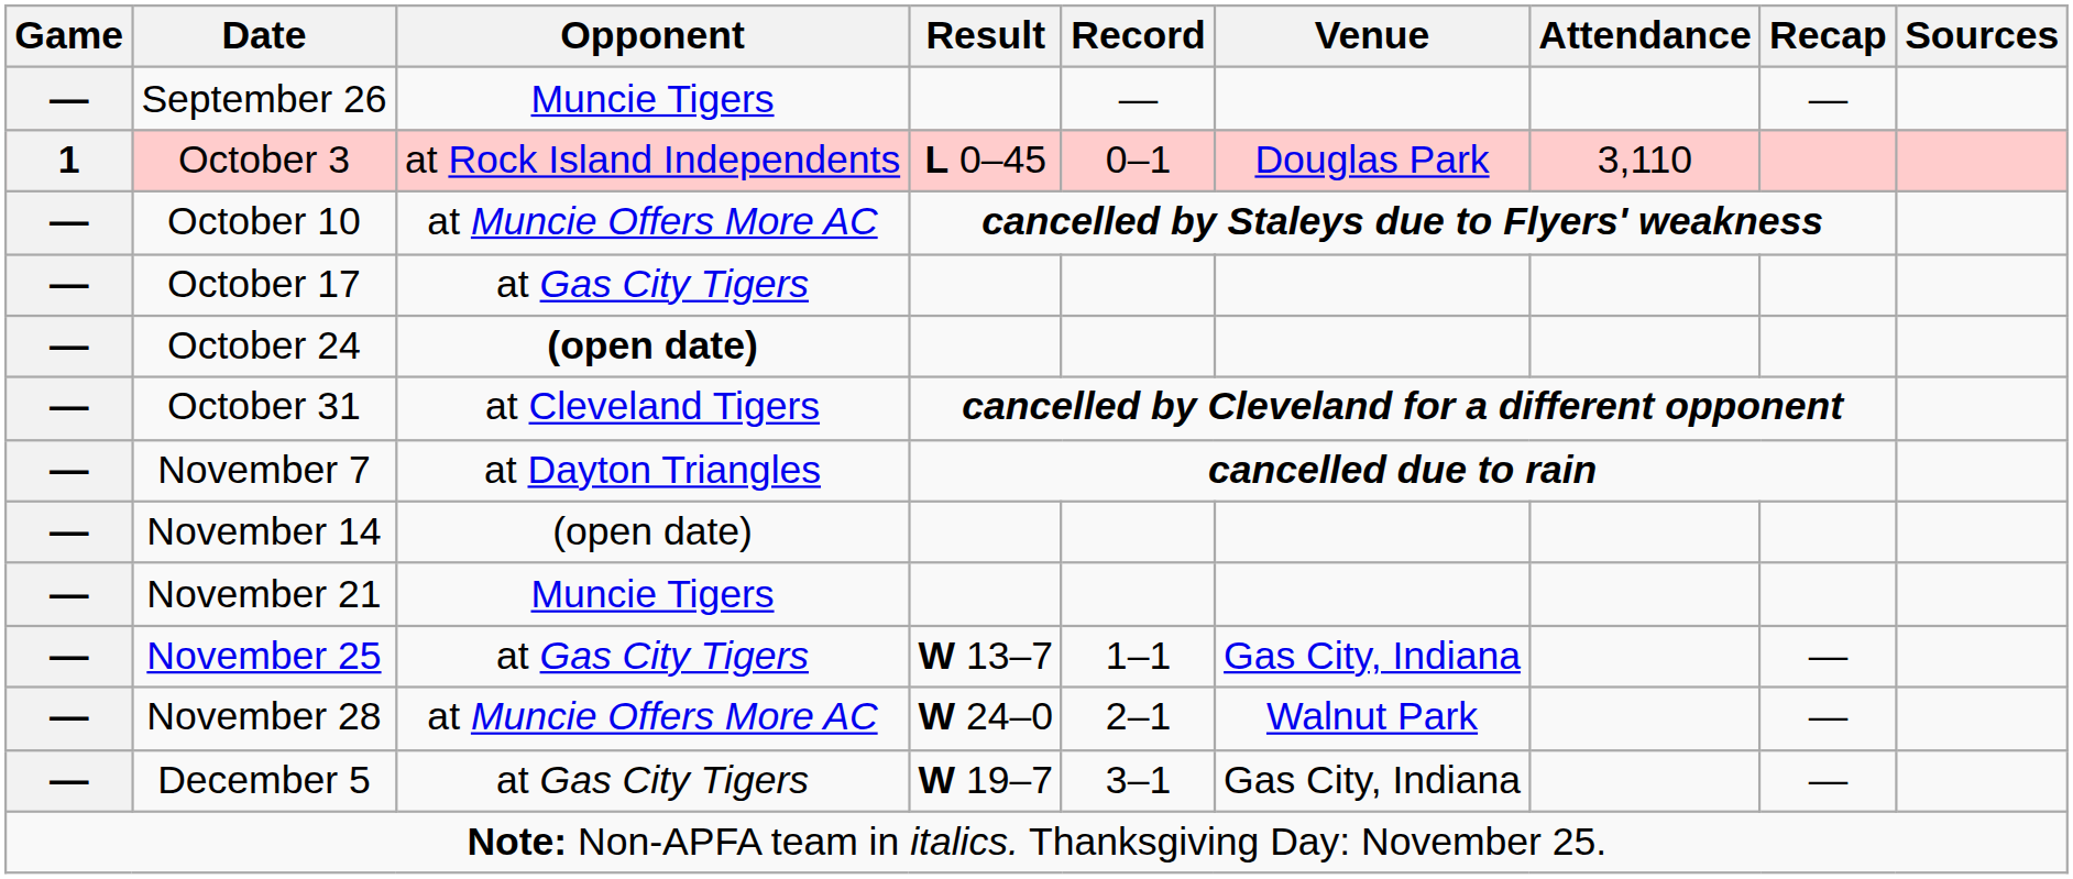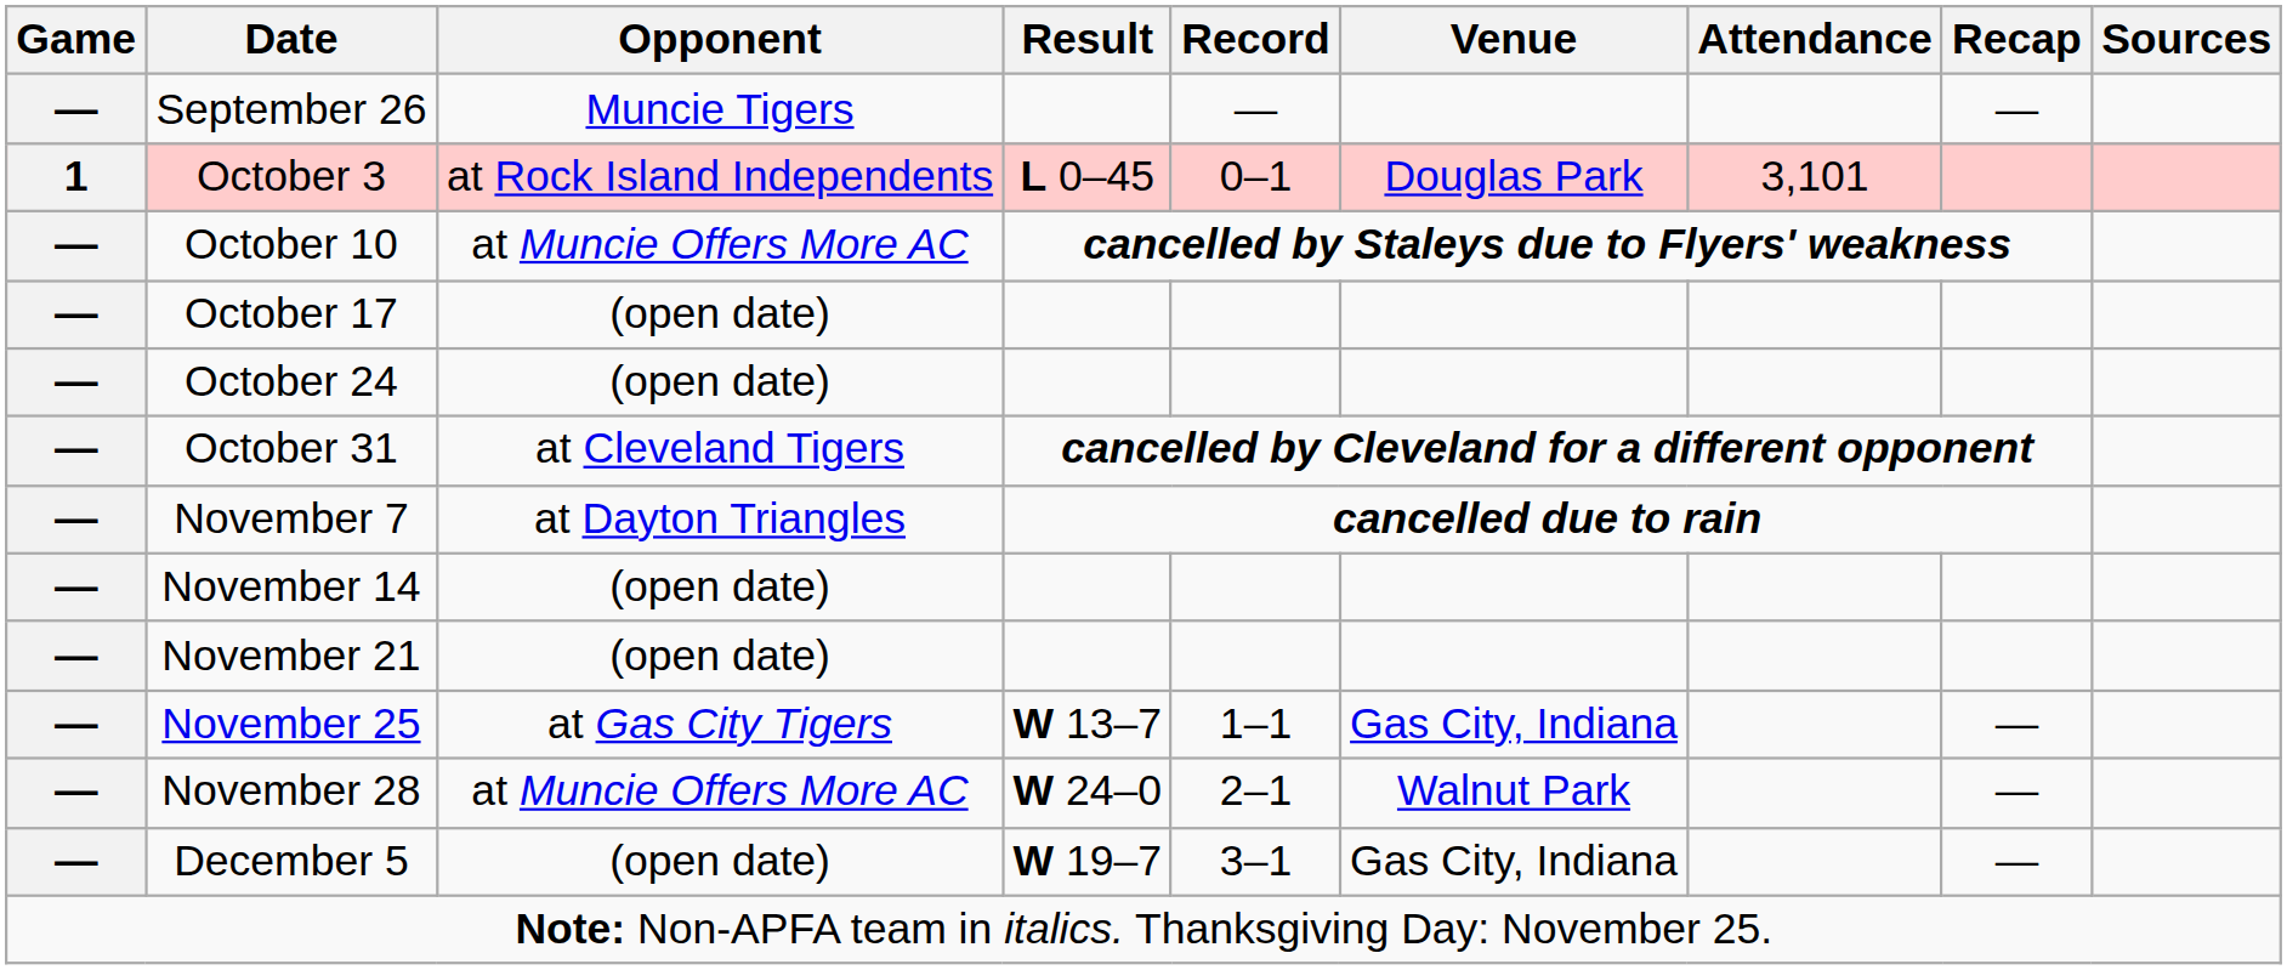 <table class="wikitable" style="text-align:center">
 <tr>
 <th>Game</th>
 <th>Date</th>
 <th>Opponent</th>
 <th>Result</th>
 <th>Record</th>
 <th>Venue</th>
 <th>Attendance</th>
 <th>Recap</th>
 <th>Sources</th>
 </tr>
 <tr>
 <th>—</th>
 <td>September 26</td>
 <td><a href='#'>Muncie Tigers</a></td>
 <td></td>
 <td>—</td>
 <td></td>
 <td></td>
 <td>—</td>
 <td></td>
 </tr>
 <tr style="background:#fcc">
 <th>1</th>
 <td>October 3</td>
 <td>at <a href='#'>Rock Island Independents</a></td>
 <td><strong>L</strong> 0–45</td>
 <td>0–1</td>
 <td><a href='#'>Douglas Park</a></td>
-<td>3,110</td>
+<td>3,101</td>
 <td></td>
 <td></td>
 </tr>
 <tr>
 <th>—</th>
 <td>October 10</td>
 <td>at <em><a href='#'>Muncie Offers More AC</a></em></td>
 <td colspan="5"><strong><em>cancelled by Staleys due to Flyers' weakness</em></strong></td>
 <td></td>
 </tr>
 <tr>
 <th>—</th>
 <td>October 17</td>
-<td>at <em><a href='#'>Gas City Tigers</a></em></td>
+<td>(open date)</td>
 <td></td>
 <td></td>
 <td></td>
 <td></td>
 <td></td>
 <td></td>
 </tr>
 <tr>
 <th>—</th>
 <td>October 24</td>
-<td><strong>(open date)</strong></td>
+<td>(open date)</td>
 <td></td>
 <td></td>
 <td></td>
 <td></td>
 <td></td>
 <td></td>
 </tr>
 <tr>
 <th>—</th>
 <td>October 31</td>
 <td>at <a href='#'>Cleveland Tigers</a></td>
 <td colspan="5"><strong><em>cancelled by Cleveland for a different opponent</em></strong></td>
 <td></td>
 </tr>
 <tr>
 <th>—</th>
 <td>November 7</td>
 <td>at <a href='#'>Dayton Triangles</a></td>
 <td colspan="5"><strong><em>cancelled due to rain</em></strong></td>
 <td></td>
 </tr>
 <tr>
 <th>—</th>
 <td>November 14</td>
 <td>(open date)</td>
 <td></td>
 <td></td>
 <td></td>
 <td></td>
 <td></td>
 <td></td>
 </tr>
 <tr>
 <th>—</th>
 <td>November 21</td>
-<td><a href='#'>Muncie Tigers</a></td>
+<td>(open date)</td>
 <td></td>
 <td></td>
 <td></td>
 <td></td>
 <td></td>
 <td></td>
 </tr>
 <tr>
 <th>—</th>
 <td><a href='#'>November 25</a></td>
 <td>at <em><a href='#'>Gas City Tigers</a></em></td>
 <td><strong>W</strong> 13–7</td>
 <td>1–1</td>
 <td><a href='#'>Gas City, Indiana</a></td>
 <td></td>
 <td>—</td>
 <td></td>
 </tr>
 <tr>
 <th>—</th>
 <td>November 28</td>
 <td>at <em><a href='#'>Muncie Offers More AC</a></em></td>
 <td><strong>W</strong> 24–0</td>
 <td>2–1</td>
 <td><a href='#'>Walnut Park</a></td>
 <td></td>
 <td>—</td>
 <td></td>
 </tr>
 <tr>
 <th>—</th>
 <td>December 5</td>
-<td>at <em>Gas City Tigers</em></td>
+<td>(open date)</td>
 <td><strong>W</strong> 19–7</td>
 <td>3–1</td>
 <td>Gas City, Indiana</td>
 <td></td>
 <td>—</td>
 <td></td>
 </tr>
 <tr>
 <td colspan="10"><strong>Note:</strong> Non-APFA team in <em>italics.</em> Thanksgiving Day: November 25.</td>
 </tr>
 </table>
